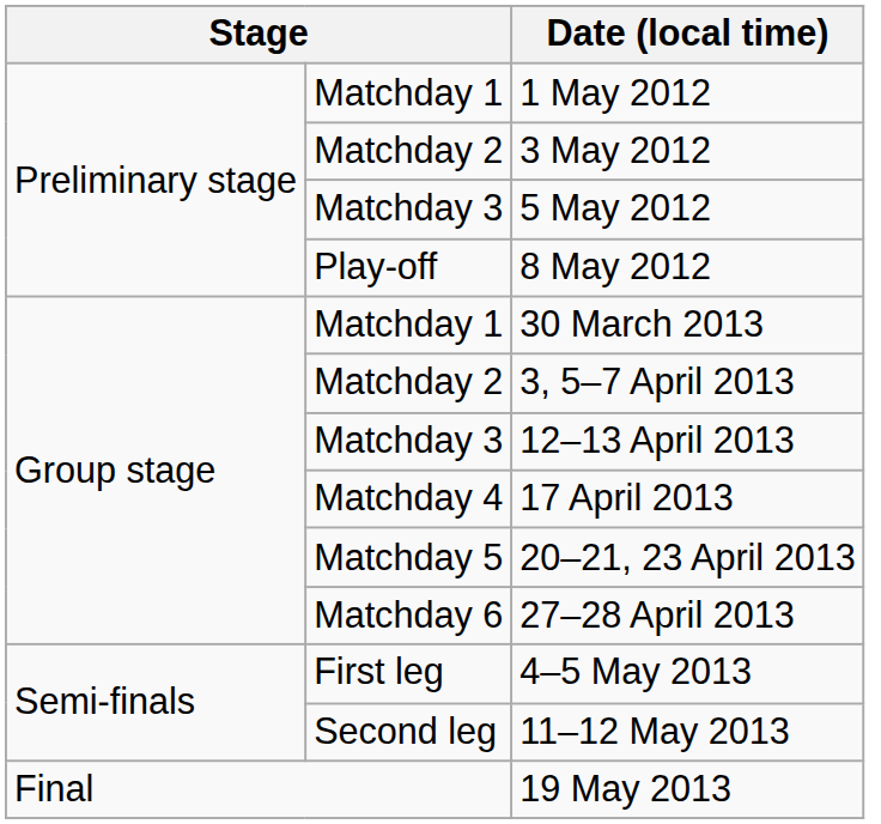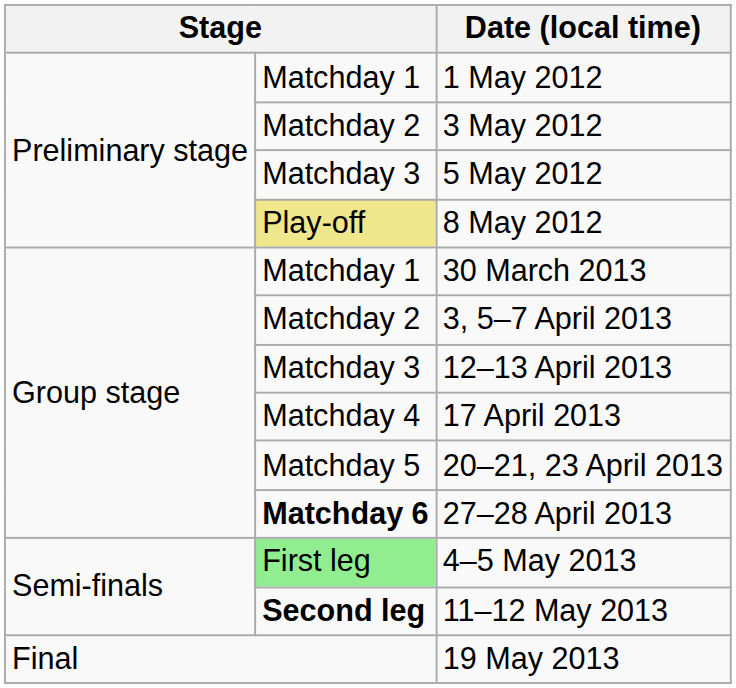 <table class="wikitable">
 <tr>
 <th colspan=2>Stage</th>
 <th>Date (local time)</th>
 </tr>
 <tr>
 <td rowspan=4>Preliminary stage</td>
 <td>Matchday 1</td>
 <td>1 May 2012</td>
 </tr>
 <tr>
 <td>Matchday 2</td>
 <td>3 May 2012</td>
 </tr>
 <tr>
 <td>Matchday 3</td>
 <td>5 May 2012</td>
 </tr>
 <tr>
-<td>Play-off</td>
+<td style="background: khaki;">Play-off</td>
 <td>8 May 2012</td>
 </tr>
 <tr>
 <td rowspan=6>Group stage</td>
 <td>Matchday 1</td>
 <td>30 March 2013</td>
 </tr>
 <tr>
 <td>Matchday 2</td>
 <td>3, 5–7 April 2013</td>
 </tr>
 <tr>
 <td>Matchday 3</td>
 <td>12–13 April 2013</td>
 </tr>
 <tr>
 <td>Matchday 4</td>
 <td>17 April 2013</td>
 </tr>
 <tr>
 <td>Matchday 5</td>
 <td>20–21, 23 April 2013</td>
 </tr>
 <tr>
-<td>Matchday 6</td>
+<td><strong>Matchday 6</strong></td>
 <td>27–28 April 2013</td>
 </tr>
 <tr>
 <td rowspan=2>Semi-finals</td>
-<td>First leg</td>
+<td style="background: lightgreen;">First leg</td>
 <td>4–5 May 2013</td>
 </tr>
 <tr>
-<td>Second leg</td>
+<td><strong>Second leg</strong></td>
 <td>11–12 May 2013</td>
 </tr>
 <tr>
 <td colspan=2>Final</td>
 <td>19 May 2013</td>
 </tr>
 </table>
